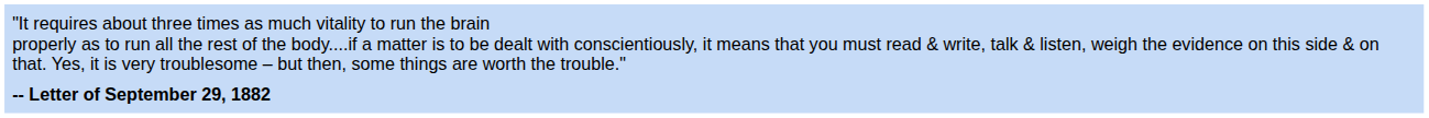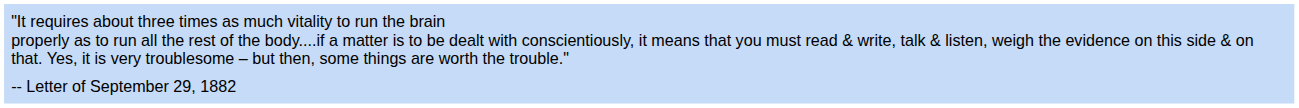 <table class="toccolours" style="float: right; margin-left: 1em; margin-right: 8em; font-size: 80%; background:#c6dbf7; color:black; width:80em; max-width: 80%;" cellspacing="5">
 <tr>
 <td style="text-align: left;">"It requires about three times as much vitality to run the brain<br>properly as to run all the rest of the body....if a matter is to be dealt with conscientiously, it means that you must read & write, talk & listen, weigh the evidence on this side & on that. Yes, it is very troublesome – but then, some things are worth the trouble."</td>
 </tr>
 <tr>
-<td style="text-align: left;"><strong>-- Letter of September 29, 1882</strong></td>
+<td style="text-align: left;">-- Letter of September 29, 1882</td>
 </tr>
 </table>
